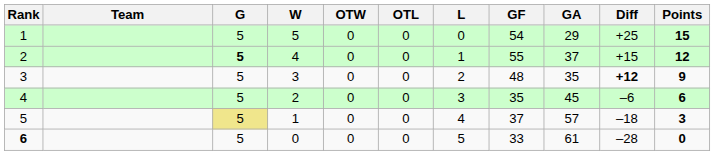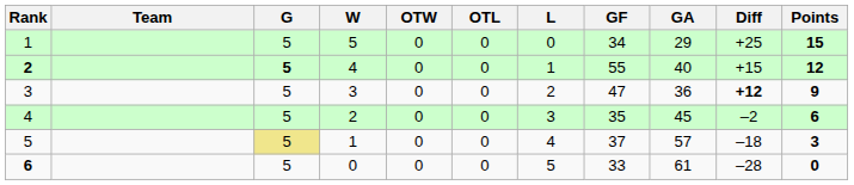 <table class=wikitable style="text-align:center">
 <tr>
 <th width="25">Rank</th>
 <th width="200">Team</th>
 <th width="60">G</th>
 <th width="60">W</th>
 <th width="60">OTW</th>
 <th width="60">OTL</th>
 <th width="60">L</th>
 <th width="60">GF</th>
 <th width="60">GA</th>
 <th width="60">Diff</th>
 <th width="60">Points</th>
 </tr>
 <tr bgcolor=#CCFFCC>
 <td>1</td>
 <td align=left></td>
 <td>5</td>
 <td>5</td>
 <td>0</td>
 <td>0</td>
 <td>0</td>
-<td>54</td>
+<td>34</td>
 <td>29</td>
 <td>+25</td>
 <td><strong>15</strong></td>
 </tr>
 <tr bgcolor=#CCFFCC>
-<td>2</td>
+<td><strong>2</strong></td>
 <td align=left></td>
 <td><strong>5</strong></td>
 <td>4</td>
 <td>0</td>
 <td>0</td>
 <td>1</td>
 <td>55</td>
-<td>37</td>
+<td>40</td>
 <td>+15</td>
 <td><strong>12</strong></td>
 </tr>
 <tr>
 <td>3</td>
 <td align=left></td>
 <td>5</td>
 <td>3</td>
 <td>0</td>
 <td>0</td>
 <td>2</td>
-<td>48</td>
-<td>35</td>
+<td>47</td>
+<td>36</td>
 <td><strong>+12</strong></td>
 <td><strong>9</strong></td>
 </tr>
 <tr bgcolor=#CCFFCC>
 <td>4</td>
 <td align=left></td>
 <td>5</td>
 <td>2</td>
 <td>0</td>
 <td>0</td>
 <td>3</td>
 <td>35</td>
 <td>45</td>
-<td>–6</td>
+<td>–2</td>
 <td><strong>6</strong></td>
 </tr>
 <tr>
 <td>5</td>
 <td align=left></td>
 <td style="background: khaki;">5</td>
 <td>1</td>
 <td>0</td>
 <td>0</td>
 <td>4</td>
 <td>37</td>
 <td>57</td>
 <td>–18</td>
 <td><strong>3</strong></td>
 </tr>
 <tr>
 <td><strong>6</strong></td>
 <td align=left></td>
 <td>5</td>
 <td>0</td>
 <td>0</td>
 <td>0</td>
 <td>5</td>
 <td>33</td>
 <td>61</td>
 <td>–28</td>
 <td><strong>0</strong></td>
 </tr>
 </table>
